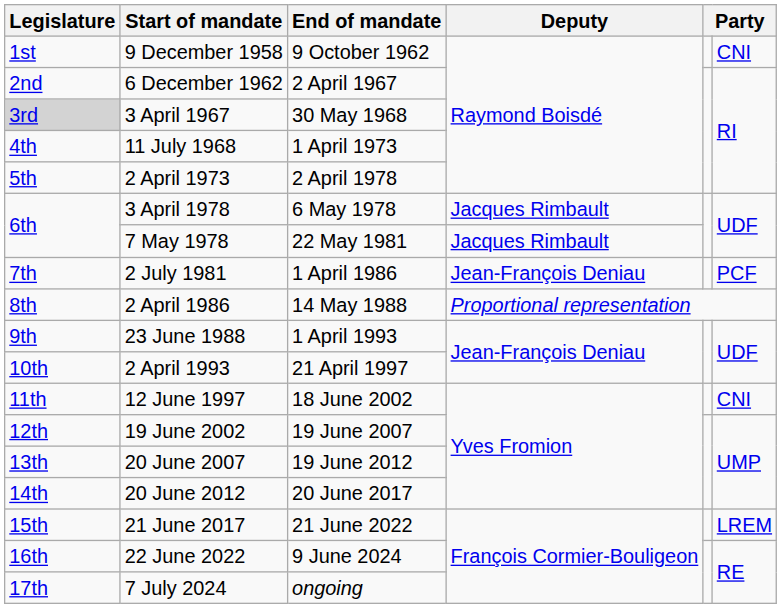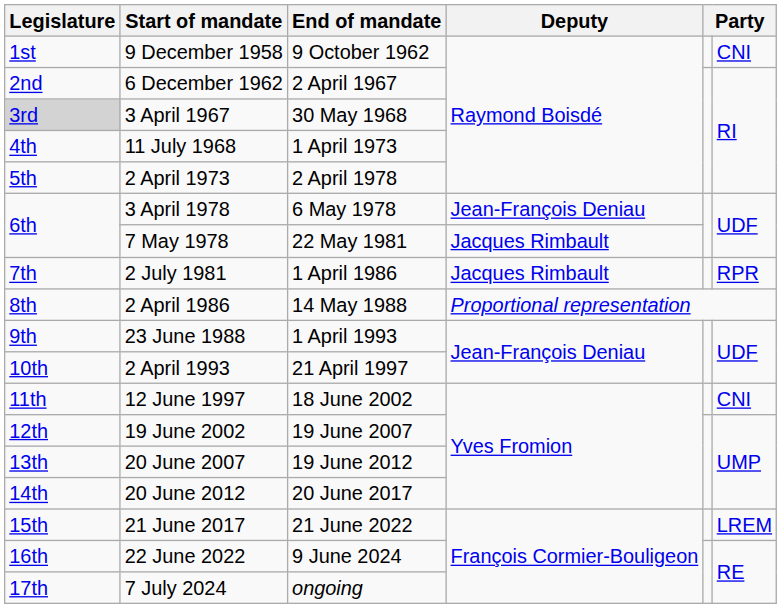 <table class="wikitable" style="font-size:95%;">
 <tr>
 <th>Legislature</th>
 <th>Start of mandate</th>
 <th>End of mandate</th>
 <th>Deputy</th>
 <th colspan="2">Party</th>
 </tr>
 <tr>
 <td><a href='#'>1st</a></td>
 <td>9 December 1958</td>
 <td>9 October 1962</td>
 <td rowspan="5"><a href='#'>Raymond Boisdé</a></td>
 <td style="color:inherit;background:"></td>
 <td><a href='#'>CNI</a></td>
 </tr>
 <tr>
 <td><a href='#'>2nd</a></td>
 <td>6 December 1962</td>
 <td>2 April 1967</td>
 <td rowspan="4" style="color:inherit;background:"></td>
 <td rowspan="4"><a href='#'>RI</a></td>
 </tr>
 <tr>
 <td style="background: lightgrey;"><a href='#'>3rd</a></td>
 <td>3 April 1967</td>
 <td>30 May 1968</td>
 </tr>
 <tr>
 <td><a href='#'>4th</a></td>
 <td>11 July 1968</td>
 <td>1 April 1973</td>
 </tr>
 <tr>
 <td><a href='#'>5th</a></td>
 <td>2 April 1973</td>
 <td>2 April 1978</td>
 </tr>
 <tr>
 <td rowspan="2"><a href='#'>6th</a></td>
 <td>3 April 1978</td>
 <td>6 May 1978</td>
-<td><a href='#'>Jacques Rimbault</a></td>
+<td><a href='#'>Jean-François Deniau</a></td>
 <td rowspan="2" style="color:inherit;background:"></td>
 <td rowspan="2"><a href='#'>UDF</a></td>
 </tr>
 <tr>
 <td>7 May 1978</td>
 <td>22 May 1981</td>
 <td><a href='#'>Jacques Rimbault</a></td>
 </tr>
 <tr>
 <td><a href='#'>7th</a></td>
 <td>2 July 1981</td>
 <td>1 April 1986</td>
-<td><a href='#'>Jean-François Deniau</a></td>
+<td><a href='#'>Jacques Rimbault</a></td>
 <td style="color:inherit;background:"></td>
-<td><a href='#'>PCF</a></td>
+<td><a href='#'>RPR</a></td>
 </tr>
 <tr>
 <td><a href='#'>8th</a></td>
 <td>2 April 1986</td>
 <td>14 May 1988</td>
 <td colspan="3"><em><a href='#'>Proportional representation</a></em></td>
 </tr>
 <tr>
 <td><a href='#'>9th</a></td>
 <td>23 June 1988</td>
 <td>1 April 1993</td>
 <td rowspan="2"><a href='#'>Jean-François Deniau</a></td>
 <td rowspan="2" style="color:inherit;background:"></td>
 <td rowspan="2"><a href='#'>UDF</a></td>
 </tr>
 <tr>
 <td><a href='#'>10th</a></td>
 <td>2 April 1993</td>
 <td>21 April 1997</td>
 </tr>
 <tr>
 <td><a href='#'>11th</a></td>
 <td>12 June 1997</td>
 <td>18 June 2002</td>
 <td rowspan="4"><a href='#'>Yves Fromion</a></td>
 <td style="color:inherit;background:"></td>
 <td><a href='#'>CNI</a></td>
 </tr>
 <tr>
 <td><a href='#'>12th</a></td>
 <td>19 June 2002</td>
 <td>19 June 2007</td>
 <td rowspan="3" style="color:inherit;background:"></td>
 <td rowspan="3"><a href='#'>UMP</a></td>
 </tr>
 <tr>
 <td><a href='#'>13th</a></td>
 <td>20 June 2007</td>
 <td>19 June 2012</td>
 </tr>
 <tr>
 <td><a href='#'>14th</a></td>
 <td>20 June 2012</td>
 <td>20 June 2017</td>
 </tr>
 <tr>
 <td><a href='#'>15th</a></td>
 <td>21 June 2017</td>
 <td>21 June 2022</td>
 <td rowspan="3"><a href='#'>François Cormier-Bouligeon</a></td>
 <td style="color:inherit;background:"></td>
 <td><a href='#'>LREM</a></td>
 </tr>
 <tr>
 <td><a href='#'>16th</a></td>
 <td>22 June 2022</td>
 <td>9 June 2024</td>
 <td rowspan="2" style="color:inherit;background:"></td>
 <td rowspan="2"><a href='#'>RE</a></td>
 </tr>
 <tr>
 <td><a href='#'>17th</a></td>
 <td>7 July 2024</td>
 <td><em>ongoing</em></td>
 </tr>
 </table>
